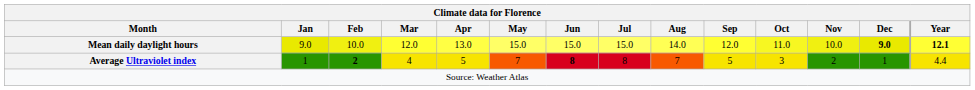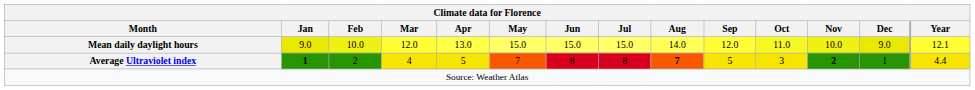 <table style="width:100%;text-align:center;line-height:1.2em;margin-left:auto;margin-right:auto" class="wikitable mw-collapsible">
 <tr>
 <th Colspan=14>Climate data for Florence</th>
 </tr>
 <tr>
 <th>Month</th>
 <th>Jan</th>
 <th>Feb</th>
 <th>Mar</th>
 <th>Apr</th>
 <th>May</th>
 <th>Jun</th>
 <th>Jul</th>
 <th>Aug</th>
 <th>Sep</th>
 <th>Oct</th>
 <th>Nov</th>
 <th>Dec</th>
 <th style="border-left-width:medium">Year</th>
 </tr>
 <tr>
 <th>Mean daily daylight hours</th>
 <td style="background:#E9E900;color:#000000;">9.0</td>
 <td style="background:#F0F011;color:#000000;">10.0</td>
 <td style="background:#FFFF33;color:#000000;">12.0</td>
 <td style="background:#FFFF44;color:#000000;">13.0</td>
 <td style="background:#FFFF66;color:#000000;">15.0</td>
 <td style="background:#FFFF66;color:#000000;">15.0</td>
 <td style="background:#FFFF66;color:#000000;">15.0</td>
 <td style="background:#FFFF55;color:#000000;">14.0</td>
 <td style="background:#FFFF33;color:#000000;">12.0</td>
 <td style="background:#F7F722;color:#000000;">11.0</td>
 <td style="background:#F0F011;color:#000000;">10.0</td>
-<td style="background:#E9E900;color:#000000;"><strong>9.0</strong></td>
-<td style="background:#FFFF34;color:#000000;border-left-width:medium"><strong>12.1</strong></td>
+<td style="background:#E9E900;color:#000000;">9.0</td>
+<td style="background:#FFFF34;color:#000000;border-left-width:medium">12.1</td>
 </tr>
 <tr>
 <th>Average <a href='#'>Ultraviolet index</a></th>
-<td style="background:#289500;color:#000000;">1</td>
-<td style="background:#289500;color:#000000;"><strong>2</strong></td>
+<td style="background:#289500;color:#000000;"><strong>1</strong></td>
+<td style="background:#289500;color:#000000;">2</td>
 <td style="background:#f7e400;color:#000000;">4</td>
 <td style="background:#f7e400;color:#000000;">5</td>
 <td style="background:#f85900;color:#000000;">7</td>
-<td style="background:#d8001d;color:#000000;"><strong>8</strong></td>
 <td style="background:#d8001d;color:#000000;">8</td>
-<td style="background:#f85900;color:#000000;">7</td>
+<td style="background:#d8001d;color:#000000;">8</td>
+<td style="background:#f85900;color:#000000;"><strong>7</strong></td>
 <td style="background:#f7e400;color:#000000;">5</td>
 <td style="background:#f7e400;color:#000000;">3</td>
-<td style="background:#289500;color:#000000;">2</td>
+<td style="background:#289500;color:#000000;"><strong>2</strong></td>
 <td style="background:#289500;color:#000000;">1</td>
 <td style="background:#f7e400;color:#000000;border-left-width:medium">4.4</td>
 </tr>
 <tr>
 <th Colspan=14 style="background:#f8f9fa;font-weight:normal;font-size:95%;">Source: Weather Atlas</th>
 </tr>
 </table>
